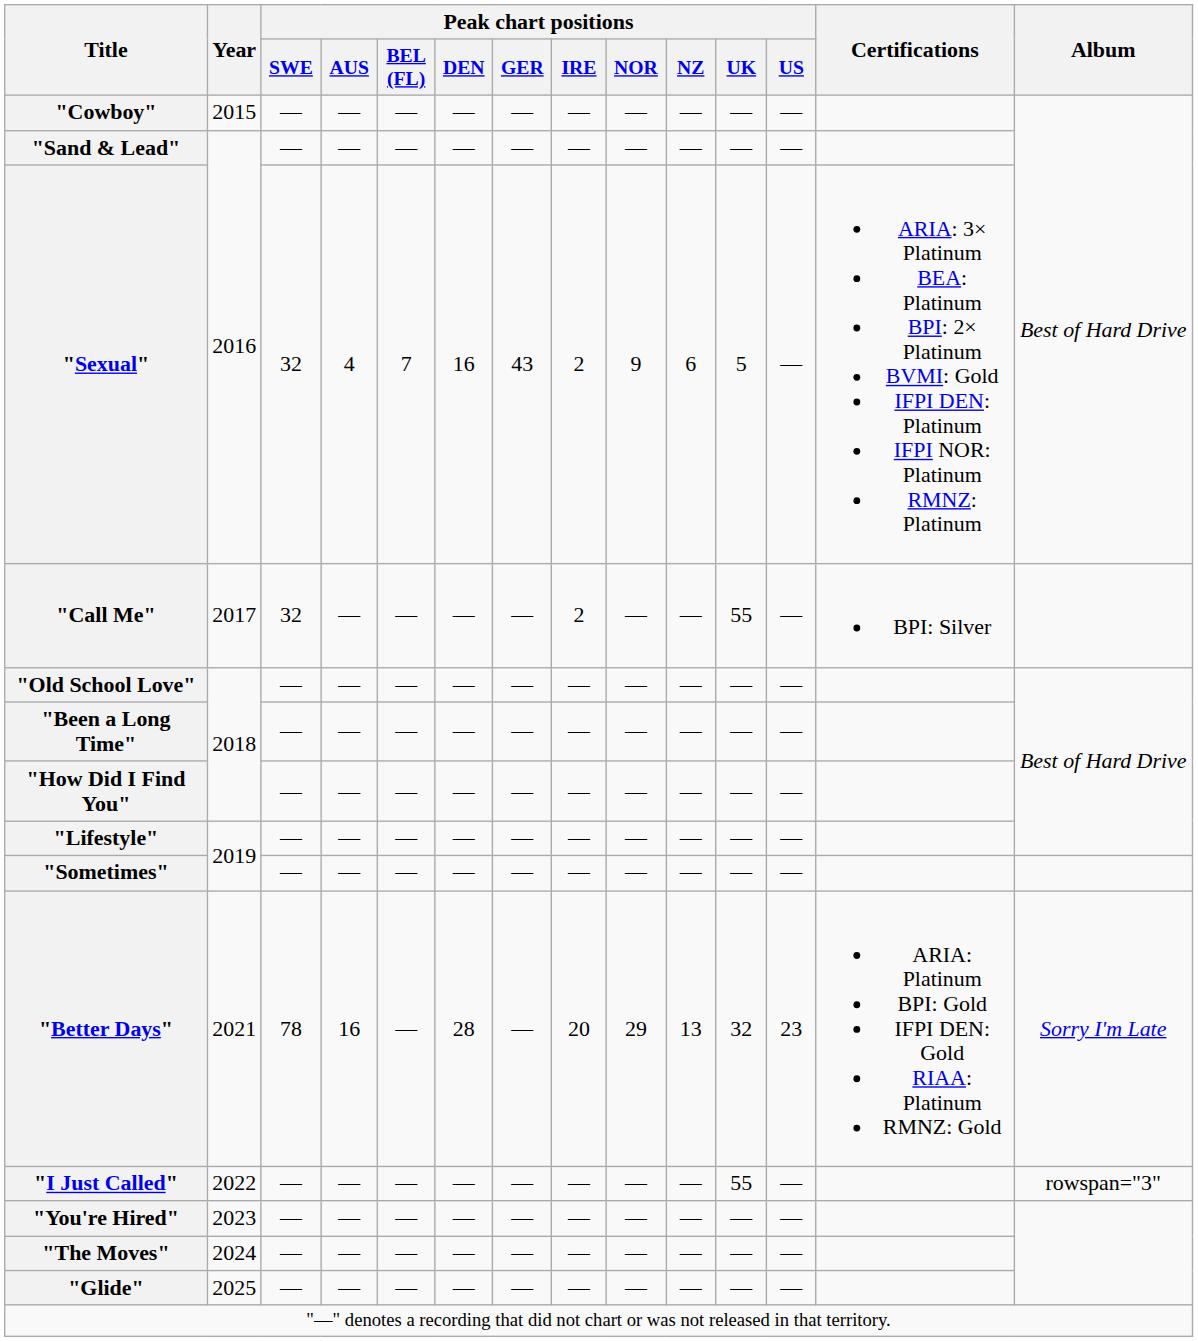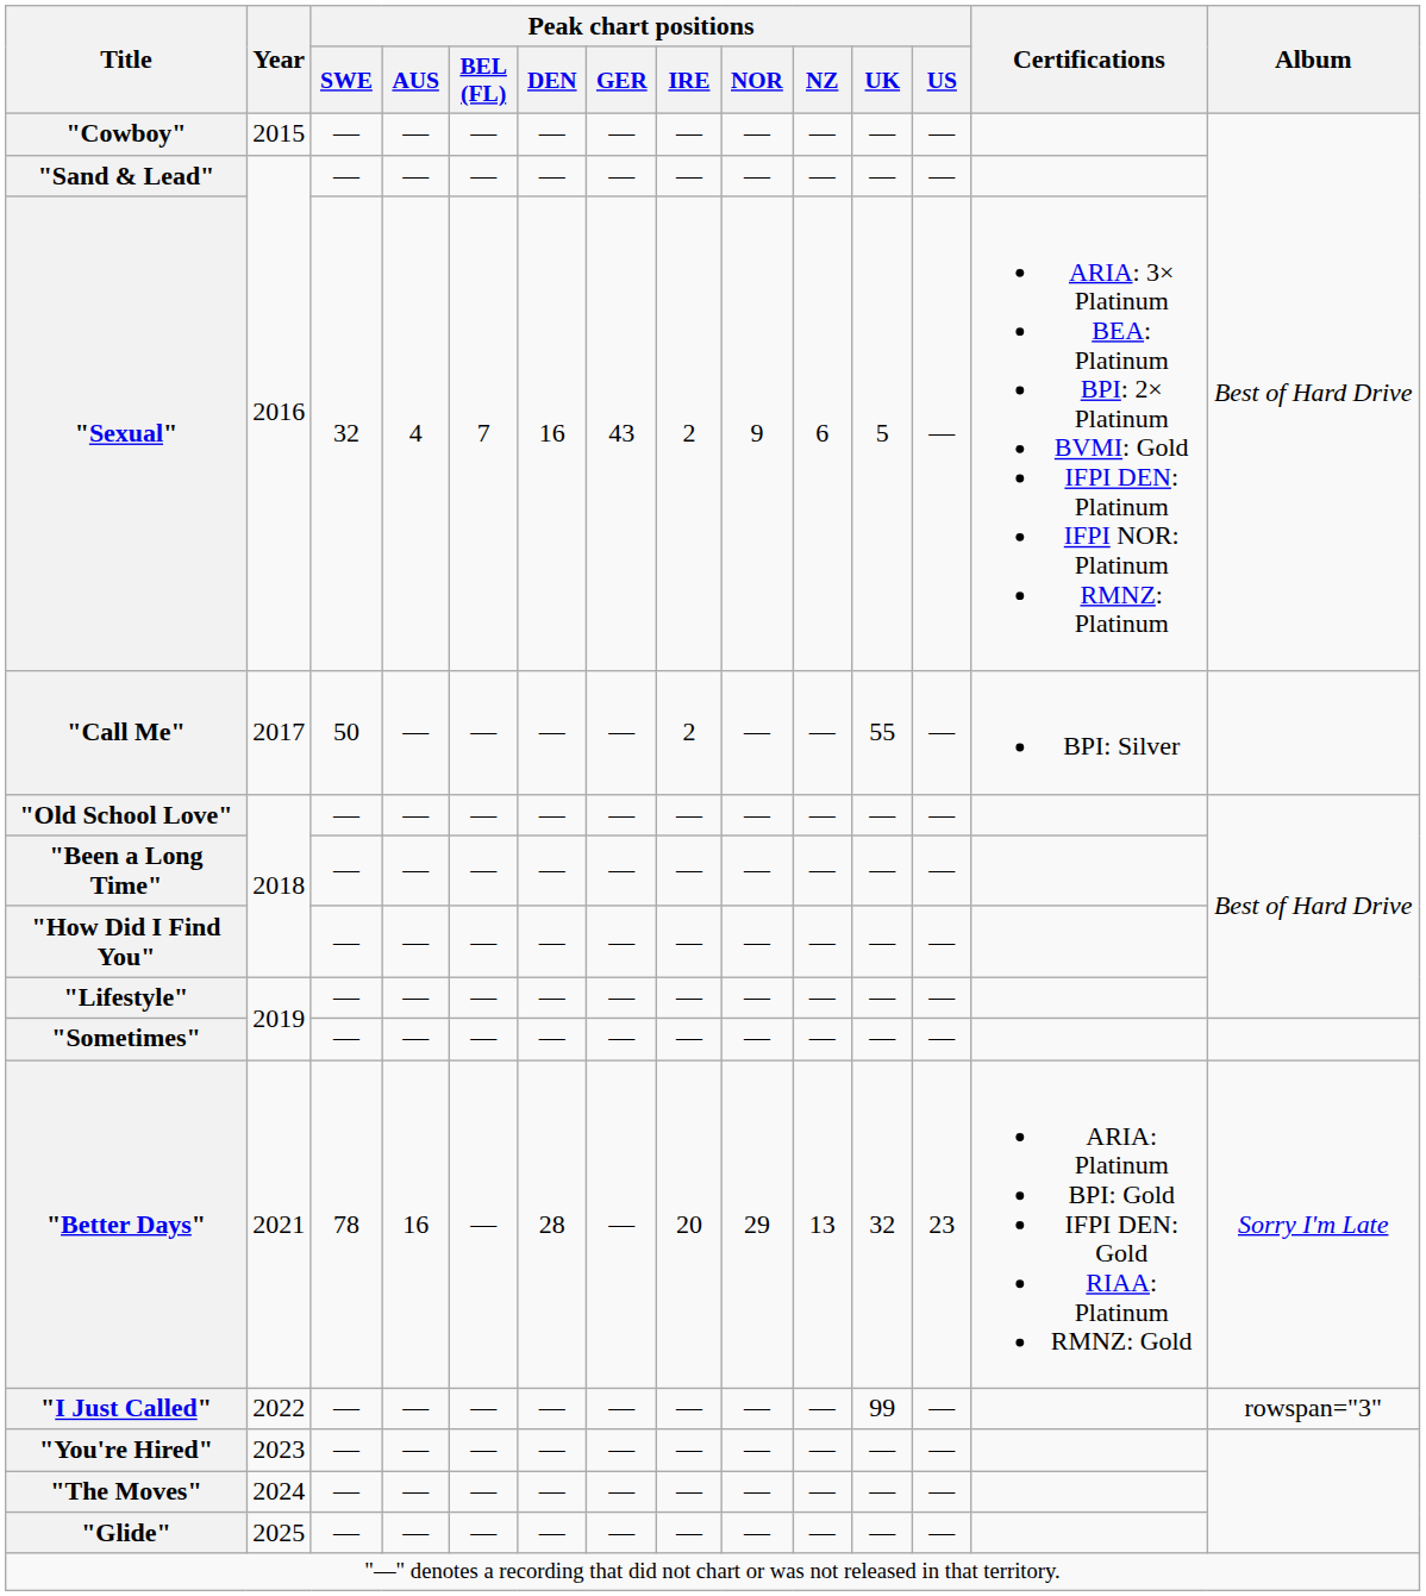 <table class="wikitable plainrowheaders" style="text-align:center;">
 <tr>
 <th scope="col" rowspan="2" style="width:13em;">Title</th>
 <th scope="col" rowspan="2" style="width:1em;">Year</th>
 <th scope="col" colspan="10" style="width:2em;">Peak chart positions</th>
 <th scope="col" rowspan="2" style="width:12em;">Certifications</th>
 <th scope="col" rowspan="2" style="width:11em;">Album</th>
 </tr>
 <tr>
 <th scope="col" style="width:3em;font-size:90%;"><a href='#'>SWE</a><br></th>
 <th scope="col" style="width:3em;font-size:90%;"><a href='#'>AUS</a><br></th>
 <th scope="col" style="width:3em;font-size:90%;"><a href='#'>BEL<br>(FL)</a><br></th>
 <th scope="col" style="width:3em;font-size:90%;"><a href='#'>DEN</a><br></th>
 <th scope="col" style="width:3em;font-size:90%;"><a href='#'>GER</a><br></th>
 <th scope="col" style="width:3em;font-size:90%;"><a href='#'>IRE</a><br></th>
 <th scope="col" style="width:3em;font-size:90%;"><a href='#'>NOR</a><br></th>
 <th scope="col" style="width:3em;font-size:90%;"><a href='#'>NZ</a><br></th>
 <th scope="col" style="width:3em;font-size:90%;"><a href='#'>UK</a><br></th>
 <th scope="col" style="width:3em;font-size:90%;"><a href='#'>US</a><br></th>
 </tr>
 <tr>
 <th scope="row">"Cowboy"<br></th>
 <td>2015</td>
 <td>—</td>
 <td>—</td>
 <td>—</td>
 <td>—</td>
 <td>—</td>
 <td>—</td>
 <td>—</td>
 <td>—</td>
 <td>—</td>
 <td>—</td>
 <td></td>
 <td rowspan="3"><em>Best of Hard Drive</em></td>
 </tr>
 <tr>
 <th scope="row">"Sand & Lead"<br></th>
 <td rowspan="2">2016</td>
 <td>—</td>
 <td>—</td>
 <td>—</td>
 <td>—</td>
 <td>—</td>
 <td>—</td>
 <td>—</td>
 <td>—</td>
 <td>—</td>
 <td>—</td>
 <td></td>
 </tr>
 <tr>
 <th scope="row">"<a href='#'>Sexual</a>"<br></th>
 <td>32</td>
 <td>4</td>
 <td>7</td>
 <td>16</td>
 <td>43</td>
 <td>2</td>
 <td>9</td>
 <td>6</td>
 <td>5</td>
 <td>—</td>
 <td><br><ul><li><a href='#'>ARIA</a>: 3× Platinum</li><li><a href='#'>BEA</a>: Platinum</li><li><a href='#'>BPI</a>: 2× Platinum</li><li><a href='#'>BVMI</a>: Gold</li><li><a href='#'>IFPI DEN</a>: Platinum</li><li><a href='#'>IFPI</a> NOR: Platinum</li><li><a href='#'>RMNZ</a>: Platinum</li></ul></td>
 </tr>
 <tr>
 <th scope="row">"Call Me"<br></th>
 <td>2017</td>
-<td>32</td>
+<td>50</td>
 <td>—</td>
 <td>—</td>
 <td>—</td>
 <td>—</td>
 <td>2</td>
 <td>—</td>
 <td>—</td>
 <td>55</td>
 <td>—</td>
 <td><br><ul><li>BPI: Silver</li></ul></td>
 <td></td>
 </tr>
 <tr>
 <th scope="row">"Old School Love"<br></th>
 <td rowspan="3">2018</td>
 <td>—</td>
 <td>—</td>
 <td>—</td>
 <td>—</td>
 <td>—</td>
 <td>—</td>
 <td>—</td>
 <td>—</td>
 <td>—</td>
 <td>—</td>
 <td></td>
 <td rowspan="4"><em>Best of Hard Drive</em></td>
 </tr>
 <tr>
 <th scope="row">"Been a Long Time"<br></th>
 <td>—</td>
 <td>—</td>
 <td>—</td>
 <td>—</td>
 <td>—</td>
 <td>—</td>
 <td>—</td>
 <td>—</td>
 <td>—</td>
 <td>—</td>
 <td></td>
 </tr>
 <tr>
 <th scope="row">"How Did I Find You"<br></th>
 <td>—</td>
 <td>—</td>
 <td>—</td>
 <td>—</td>
 <td>—</td>
 <td>—</td>
 <td>—</td>
 <td>—</td>
 <td>—</td>
 <td>—</td>
 <td></td>
 </tr>
 <tr>
 <th scope="row">"Lifestyle"<br></th>
 <td rowspan="2">2019</td>
 <td>—</td>
 <td>—</td>
 <td>—</td>
 <td>—</td>
 <td>—</td>
 <td>—</td>
 <td>—</td>
 <td>—</td>
 <td>—</td>
 <td>—</td>
 <td></td>
 </tr>
 <tr>
 <th scope="row">"Sometimes"<br></th>
 <td>—</td>
 <td>—</td>
 <td>—</td>
 <td>—</td>
 <td>—</td>
 <td>—</td>
 <td>—</td>
 <td>—</td>
 <td>—</td>
 <td>—</td>
 <td></td>
 <td></td>
 </tr>
 <tr>
 <th scope="row">"<a href='#'>Better Days</a>"<br></th>
 <td>2021</td>
 <td>78</td>
 <td>16</td>
 <td>—</td>
 <td>28</td>
 <td>—</td>
 <td>20</td>
 <td>29</td>
 <td>13</td>
 <td>32</td>
 <td>23</td>
 <td><br><ul><li>ARIA: Platinum</li><li>BPI: Gold</li><li>IFPI DEN: Gold</li><li><a href='#'>RIAA</a>: Platinum</li><li>RMNZ: Gold</li></ul></td>
 <td><em><a href='#'>Sorry I'm Late</a></em></td>
 </tr>
 <tr>
 <th scope="row">"<a href='#'>I Just Called</a>"<br></th>
 <td>2022</td>
 <td>—</td>
 <td>—</td>
 <td>—</td>
 <td>—</td>
 <td>—</td>
 <td>—</td>
 <td>—</td>
 <td>—</td>
-<td>55</td>
+<td>99</td>
 <td>—</td>
 <td></td>
 <td>rowspan="3" </td>
 </tr>
 <tr>
 <th scope="row">"You're Hired"<br></th>
 <td>2023</td>
 <td>—</td>
 <td>—</td>
 <td>—</td>
 <td>—</td>
 <td>—</td>
 <td>—</td>
 <td>—</td>
 <td>—</td>
 <td>—</td>
 <td>—</td>
 <td></td>
 </tr>
 <tr>
 <th scope="row">"The Moves"<br></th>
 <td>2024</td>
 <td>—</td>
 <td>—</td>
 <td>—</td>
 <td>—</td>
 <td>—</td>
 <td>—</td>
 <td>—</td>
 <td>—</td>
 <td>—</td>
 <td>—</td>
 <td></td>
 </tr>
 <tr>
 <th scope="row">"Glide"<br></th>
 <td>2025</td>
 <td>—</td>
 <td>—</td>
 <td>—</td>
 <td>—</td>
 <td>—</td>
 <td>—</td>
 <td>—</td>
 <td>—</td>
 <td>—</td>
 <td>—</td>
 <td></td>
 </tr>
 <tr>
 <td colspan="14" style="font-size:85%">"—" denotes a recording that did not chart or was not released in that territory.</td>
 </tr>
 </table>
